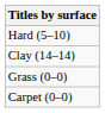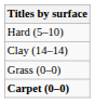 <table class=wikitable style=font-size:97%>
 <tr>
 <th>Titles by surface</th>
 </tr>
 <tr>
 <td>Hard (5–10)</td>
 </tr>
 <tr>
 <td>Clay (14–14)</td>
 </tr>
 <tr>
 <td>Grass (0–0)</td>
 </tr>
 <tr>
-<td>Carpet (0–0)</td>
+<td><strong>Carpet (0–0)</strong></td>
 </tr>
 </table>
